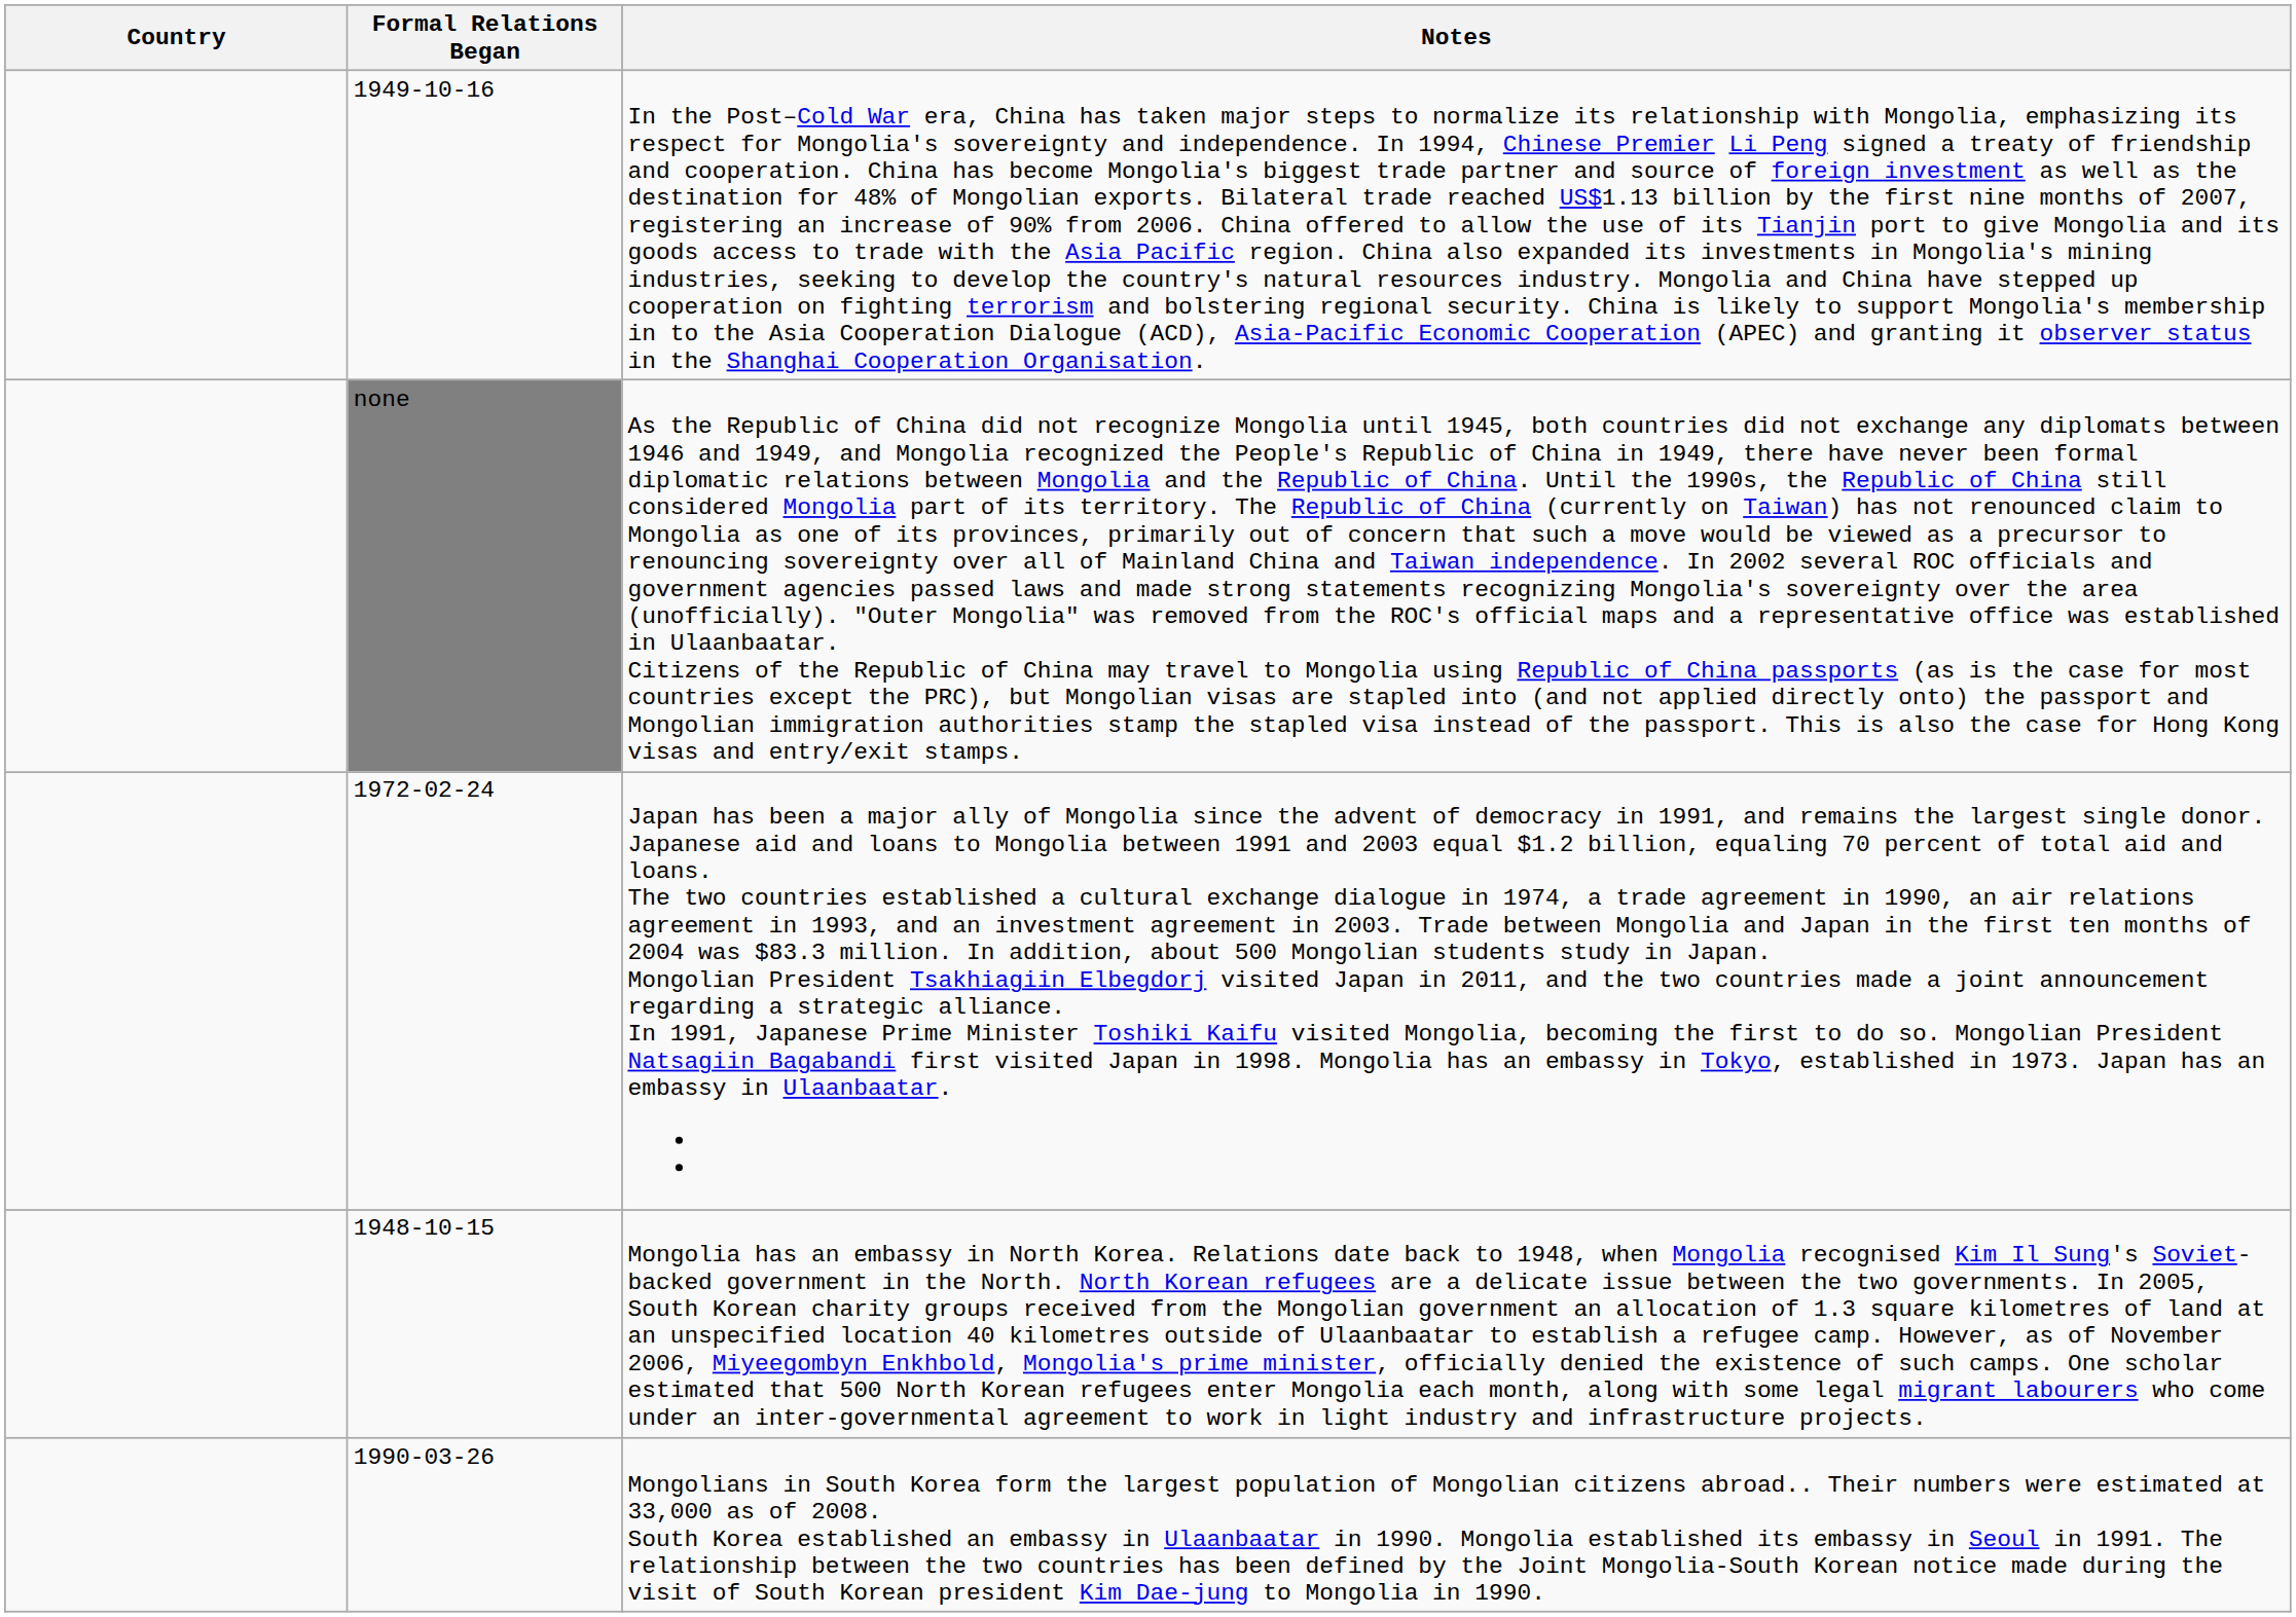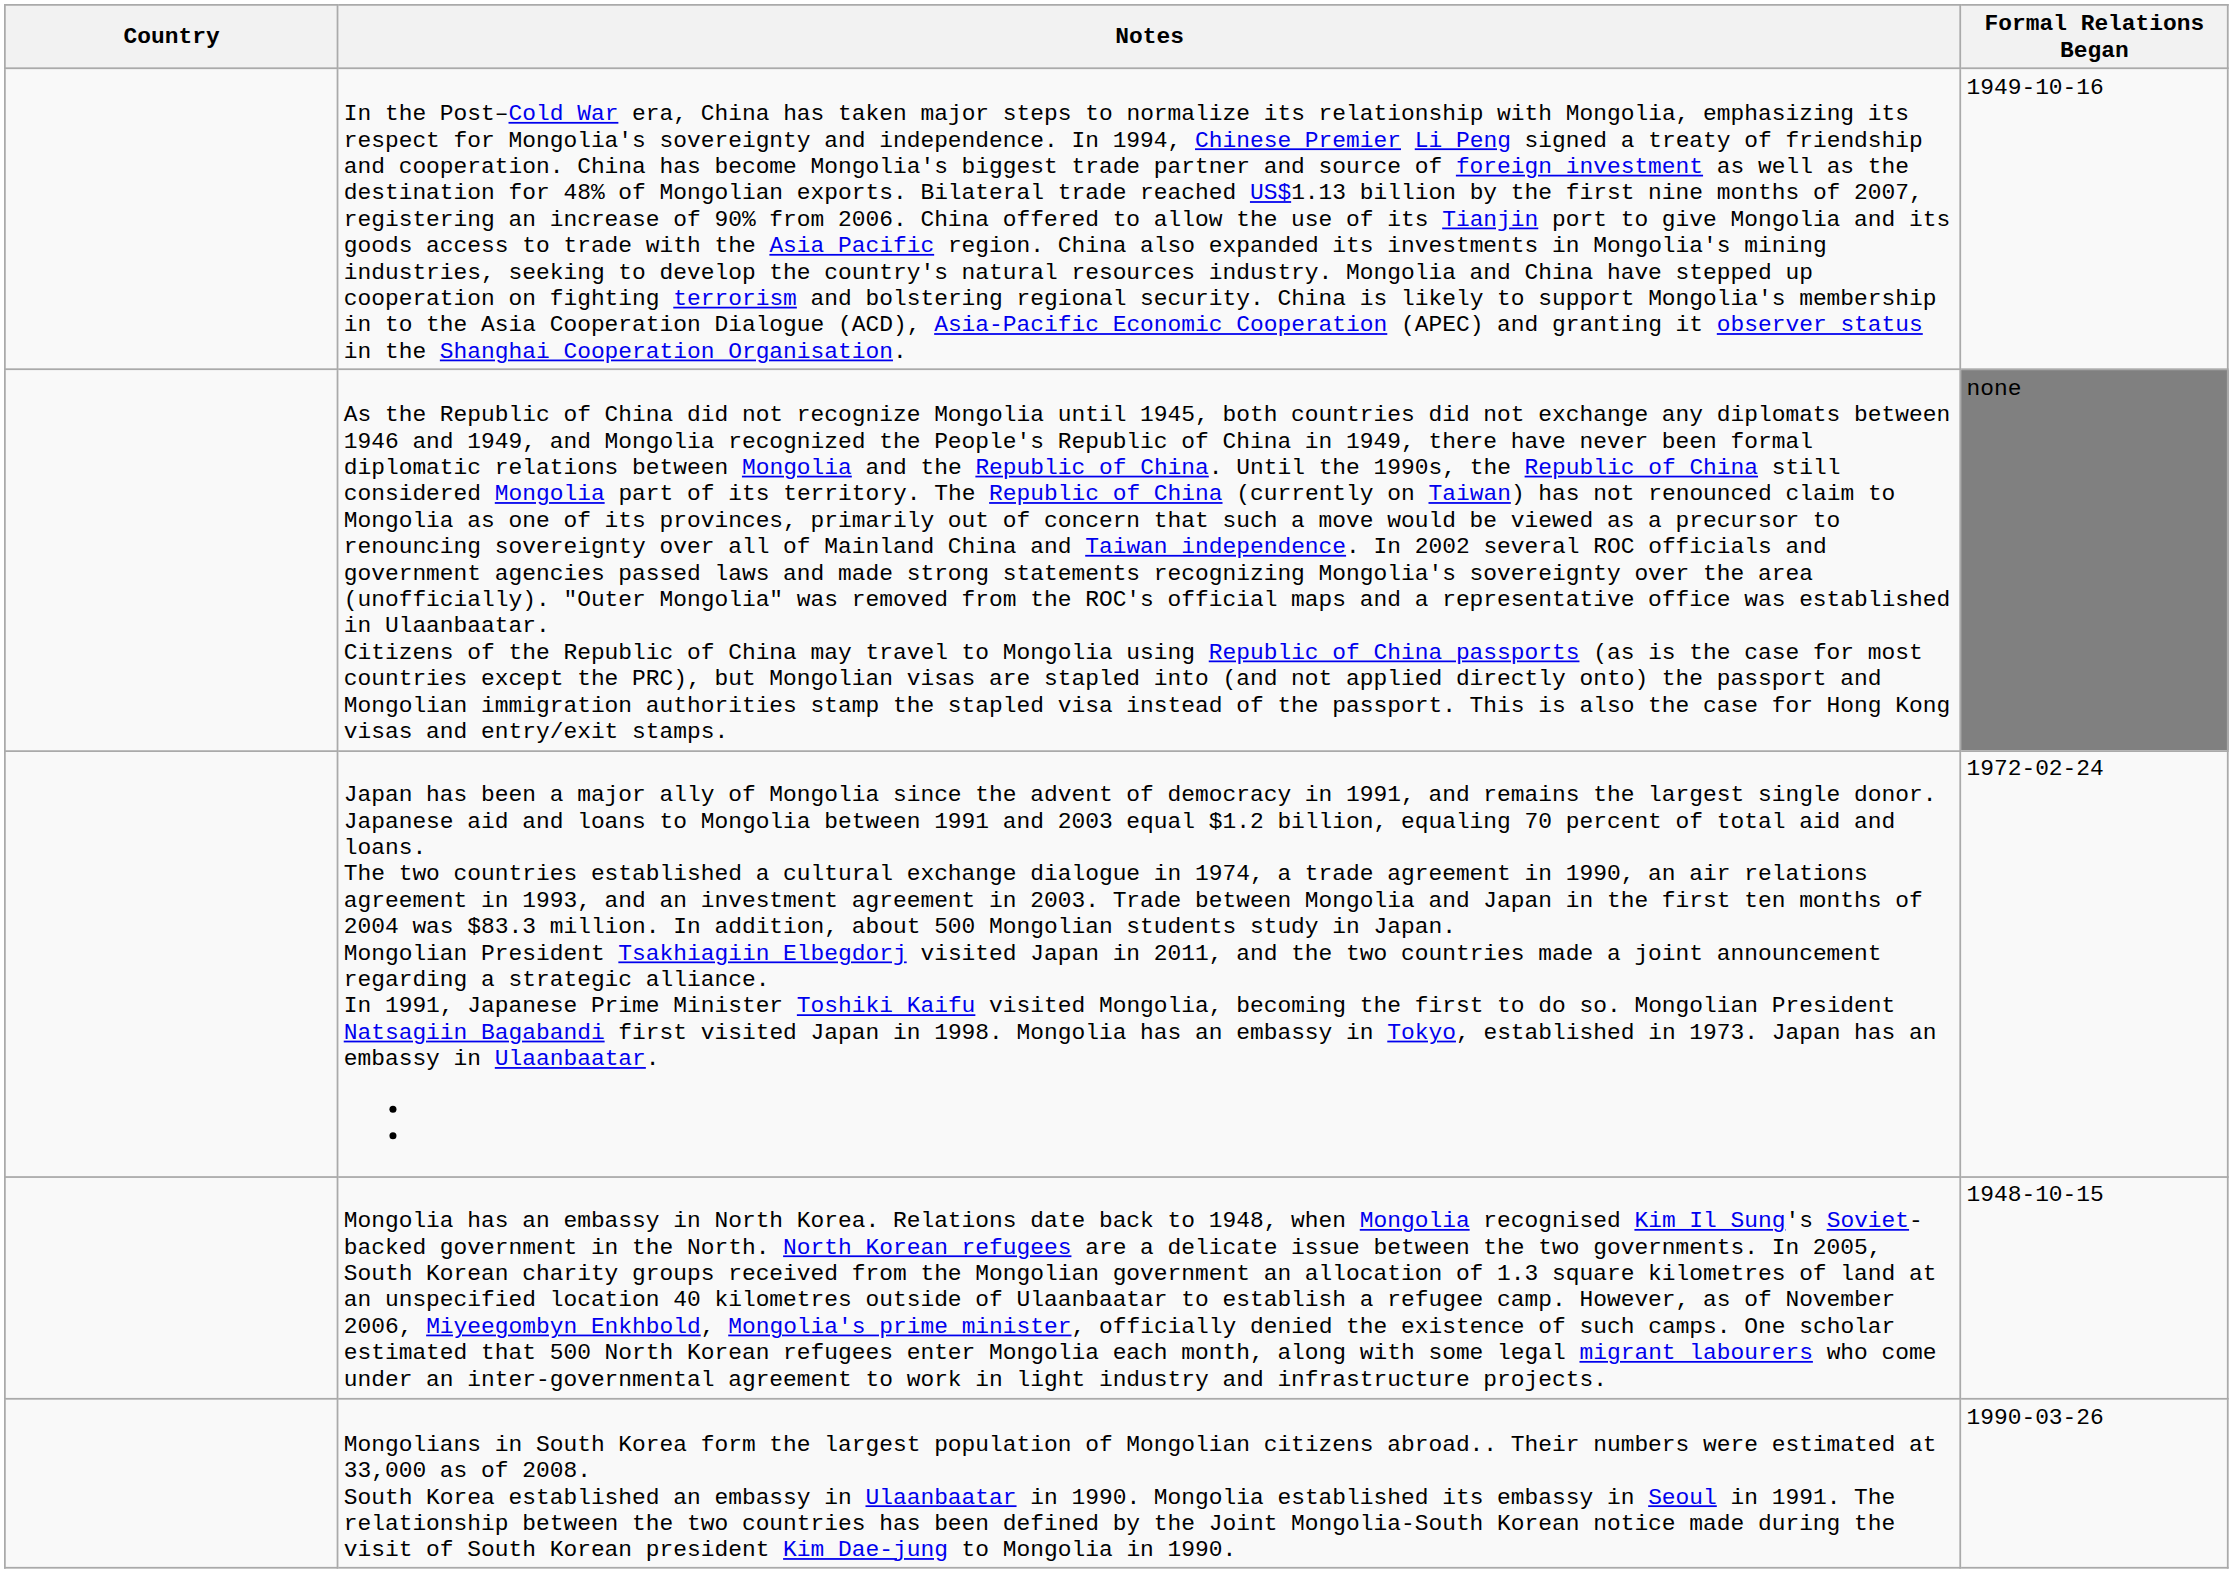 <table class="wikitable sortable" style="width:100%; margin:auto;">
 <tr>
 <th style="width:15%;">Country</th>
+<th>Notes</th>
 <th style="width:12%;">Formal Relations Began</th>
-<th>Notes</th>
 </tr>
 <tr valign="top">
 <td></td>
+<td><br>In the Post–<a href='#'>Cold War</a> era, China has taken major steps to normalize its relationship with Mongolia, emphasizing its respect for Mongolia's sovereignty and independence. In 1994, <a href='#'>Chinese Premier</a> <a href='#'>Li Peng</a> signed a treaty of friendship and cooperation. China has become Mongolia's biggest trade partner and source of <a href='#'>foreign investment</a> as well as the destination for 48% of Mongolian exports. Bilateral trade reached <a href='#'>US$</a>1.13 billion by the first nine months of 2007, registering an increase of 90% from 2006. China offered to allow the use of its <a href='#'>Tianjin</a> port to give Mongolia and its goods access to trade with the <a href='#'>Asia Pacific</a> region. China also expanded its investments in Mongolia's mining industries, seeking to develop the country's natural resources industry. Mongolia and China have stepped up cooperation on fighting <a href='#'>terrorism</a> and bolstering regional security. China is likely to support Mongolia's membership in to the Asia Cooperation Dialogue (ACD), <a href='#'>Asia-Pacific Economic Cooperation</a> (APEC) and granting it <a href='#'>observer status</a> in the <a href='#'>Shanghai Cooperation Organisation</a>.</td>
 <td>1949-10-16</td>
-<td><br>In the Post–<a href='#'>Cold War</a> era, China has taken major steps to normalize its relationship with Mongolia, emphasizing its respect for Mongolia's sovereignty and independence. In 1994, <a href='#'>Chinese Premier</a> <a href='#'>Li Peng</a> signed a treaty of friendship and cooperation. China has become Mongolia's biggest trade partner and source of <a href='#'>foreign investment</a> as well as the destination for 48% of Mongolian exports. Bilateral trade reached <a href='#'>US$</a>1.13 billion by the first nine months of 2007, registering an increase of 90% from 2006. China offered to allow the use of its <a href='#'>Tianjin</a> port to give Mongolia and its goods access to trade with the <a href='#'>Asia Pacific</a> region. China also expanded its investments in Mongolia's mining industries, seeking to develop the country's natural resources industry. Mongolia and China have stepped up cooperation on fighting <a href='#'>terrorism</a> and bolstering regional security. China is likely to support Mongolia's membership in to the Asia Cooperation Dialogue (ACD), <a href='#'>Asia-Pacific Economic Cooperation</a> (APEC) and granting it <a href='#'>observer status</a> in the <a href='#'>Shanghai Cooperation Organisation</a>.</td>
 </tr>
 <tr valign="top">
 <td></td>
+<td><br>As the Republic of China did not recognize Mongolia until 1945, both countries did not exchange any diplomats between 1946 and 1949, and Mongolia recognized the People's Republic of China in 1949, there have never been formal diplomatic relations between <a href='#'>Mongolia</a> and the <a href='#'>Republic of China</a>. Until the 1990s, the <a href='#'>Republic of China</a> still considered <a href='#'>Mongolia</a> part of its territory. The <a href='#'>Republic of China</a> (currently on <a href='#'>Taiwan</a>) has not renounced claim to Mongolia as one of its provinces, primarily out of concern that such a move would be viewed as a precursor to renouncing sovereignty over all of Mainland China and <a href='#'>Taiwan independence</a>. In 2002 several ROC officials and government agencies passed laws and made strong statements recognizing Mongolia's sovereignty over the area (unofficially). "Outer Mongolia" was removed from the ROC's official maps and a representative office was established in Ulaanbaatar.<br>Citizens of the Republic of China may travel to Mongolia using <a href='#'>Republic of China passports</a> (as is the case for most countries except the PRC), but Mongolian visas are stapled into (and not applied directly onto) the passport and Mongolian immigration authorities stamp the stapled visa instead of the passport. This is also the case for Hong Kong visas and entry/exit stamps.</td>
 <td style="background:gray;">none</td>
-<td><br>As the Republic of China did not recognize Mongolia until 1945, both countries did not exchange any diplomats between 1946 and 1949, and Mongolia recognized the People's Republic of China in 1949, there have never been formal diplomatic relations between <a href='#'>Mongolia</a> and the <a href='#'>Republic of China</a>. Until the 1990s, the <a href='#'>Republic of China</a> still considered <a href='#'>Mongolia</a> part of its territory. The <a href='#'>Republic of China</a> (currently on <a href='#'>Taiwan</a>) has not renounced claim to Mongolia as one of its provinces, primarily out of concern that such a move would be viewed as a precursor to renouncing sovereignty over all of Mainland China and <a href='#'>Taiwan independence</a>. In 2002 several ROC officials and government agencies passed laws and made strong statements recognizing Mongolia's sovereignty over the area (unofficially). "Outer Mongolia" was removed from the ROC's official maps and a representative office was established in Ulaanbaatar.<br>Citizens of the Republic of China may travel to Mongolia using <a href='#'>Republic of China passports</a> (as is the case for most countries except the PRC), but Mongolian visas are stapled into (and not applied directly onto) the passport and Mongolian immigration authorities stamp the stapled visa instead of the passport. This is also the case for Hong Kong visas and entry/exit stamps.</td>
 </tr>
 <tr valign="top">
 <td></td>
+<td><br>Japan has been a major ally of Mongolia since the advent of democracy in 1991, and remains the largest single donor. Japanese aid and loans to Mongolia between 1991 and 2003 equal $1.2 billion, equaling 70 percent of total aid and loans.<br>The two countries established a cultural exchange dialogue in 1974, a trade agreement in 1990, an air relations agreement in 1993, and an investment agreement in 2003. Trade between Mongolia and Japan in the first ten months of 2004 was $83.3 million. In addition, about 500 Mongolian students study in Japan.<br>Mongolian President <a href='#'>Tsakhiagiin Elbegdorj</a> visited Japan in 2011, and the two countries made a joint announcement regarding a strategic alliance.<br>In 1991, Japanese Prime Minister <a href='#'>Toshiki Kaifu</a> visited Mongolia, becoming the first to do so. Mongolian President <a href='#'>Natsagiin Bagabandi</a> first visited Japan in 1998. Mongolia has an embassy in <a href='#'>Tokyo</a>, established in 1973. Japan has an embassy in <a href='#'>Ulaanbaatar</a>.<ul><li></li><li> </li></ul></td>
 <td>1972-02-24</td>
-<td><br>Japan has been a major ally of Mongolia since the advent of democracy in 1991, and remains the largest single donor. Japanese aid and loans to Mongolia between 1991 and 2003 equal $1.2 billion, equaling 70 percent of total aid and loans.<br>The two countries established a cultural exchange dialogue in 1974, a trade agreement in 1990, an air relations agreement in 1993, and an investment agreement in 2003. Trade between Mongolia and Japan in the first ten months of 2004 was $83.3 million. In addition, about 500 Mongolian students study in Japan.<br>Mongolian President <a href='#'>Tsakhiagiin Elbegdorj</a> visited Japan in 2011, and the two countries made a joint announcement regarding a strategic alliance.<br>In 1991, Japanese Prime Minister <a href='#'>Toshiki Kaifu</a> visited Mongolia, becoming the first to do so. Mongolian President <a href='#'>Natsagiin Bagabandi</a> first visited Japan in 1998. Mongolia has an embassy in <a href='#'>Tokyo</a>, established in 1973. Japan has an embassy in <a href='#'>Ulaanbaatar</a>.<ul><li></li><li> </li></ul></td>
 </tr>
 <tr valign="top">
 <td></td>
+<td><br>Mongolia has an embassy in North Korea. Relations date back to 1948, when <a href='#'>Mongolia</a> recognised <a href='#'>Kim Il Sung</a>'s <a href='#'>Soviet</a>-backed government in the North. <a href='#'>North Korean refugees</a> are a delicate issue between the two governments. In 2005, South Korean charity groups received from the Mongolian government an allocation of 1.3 square kilometres of land at an unspecified location 40 kilometres outside of Ulaanbaatar to establish a refugee camp. However, as of November 2006, <a href='#'>Miyeegombyn Enkhbold</a>, <a href='#'>Mongolia's prime minister</a>, officially denied the existence of such camps. One scholar estimated that 500 North Korean refugees enter Mongolia each month, along with some legal <a href='#'>migrant labourers</a> who come under an inter-governmental agreement to work in light industry and infrastructure projects.</td>
 <td>1948-10-15</td>
-<td><br>Mongolia has an embassy in North Korea. Relations date back to 1948, when <a href='#'>Mongolia</a> recognised <a href='#'>Kim Il Sung</a>'s <a href='#'>Soviet</a>-backed government in the North. <a href='#'>North Korean refugees</a> are a delicate issue between the two governments. In 2005, South Korean charity groups received from the Mongolian government an allocation of 1.3 square kilometres of land at an unspecified location 40 kilometres outside of Ulaanbaatar to establish a refugee camp. However, as of November 2006, <a href='#'>Miyeegombyn Enkhbold</a>, <a href='#'>Mongolia's prime minister</a>, officially denied the existence of such camps. One scholar estimated that 500 North Korean refugees enter Mongolia each month, along with some legal <a href='#'>migrant labourers</a> who come under an inter-governmental agreement to work in light industry and infrastructure projects.</td>
 </tr>
 <tr valign="top">
 <td></td>
+<td><br>Mongolians in South Korea form the largest population of Mongolian citizens abroad.. Their numbers were estimated at 33,000 as of 2008.<br>South Korea established an embassy in <a href='#'>Ulaanbaatar</a> in 1990. Mongolia established its embassy in <a href='#'>Seoul</a> in 1991. The relationship between the two countries has been defined by the Joint Mongolia-South Korean notice made during the visit of South Korean president <a href='#'>Kim Dae-jung</a> to Mongolia in 1990.</td>
 <td>1990-03-26</td>
-<td><br>Mongolians in South Korea form the largest population of Mongolian citizens abroad.. Their numbers were estimated at 33,000 as of 2008.<br>South Korea established an embassy in <a href='#'>Ulaanbaatar</a> in 1990. Mongolia established its embassy in <a href='#'>Seoul</a> in 1991. The relationship between the two countries has been defined by the Joint Mongolia-South Korean notice made during the visit of South Korean president <a href='#'>Kim Dae-jung</a> to Mongolia in 1990.</td>
 </tr>
 </table>
